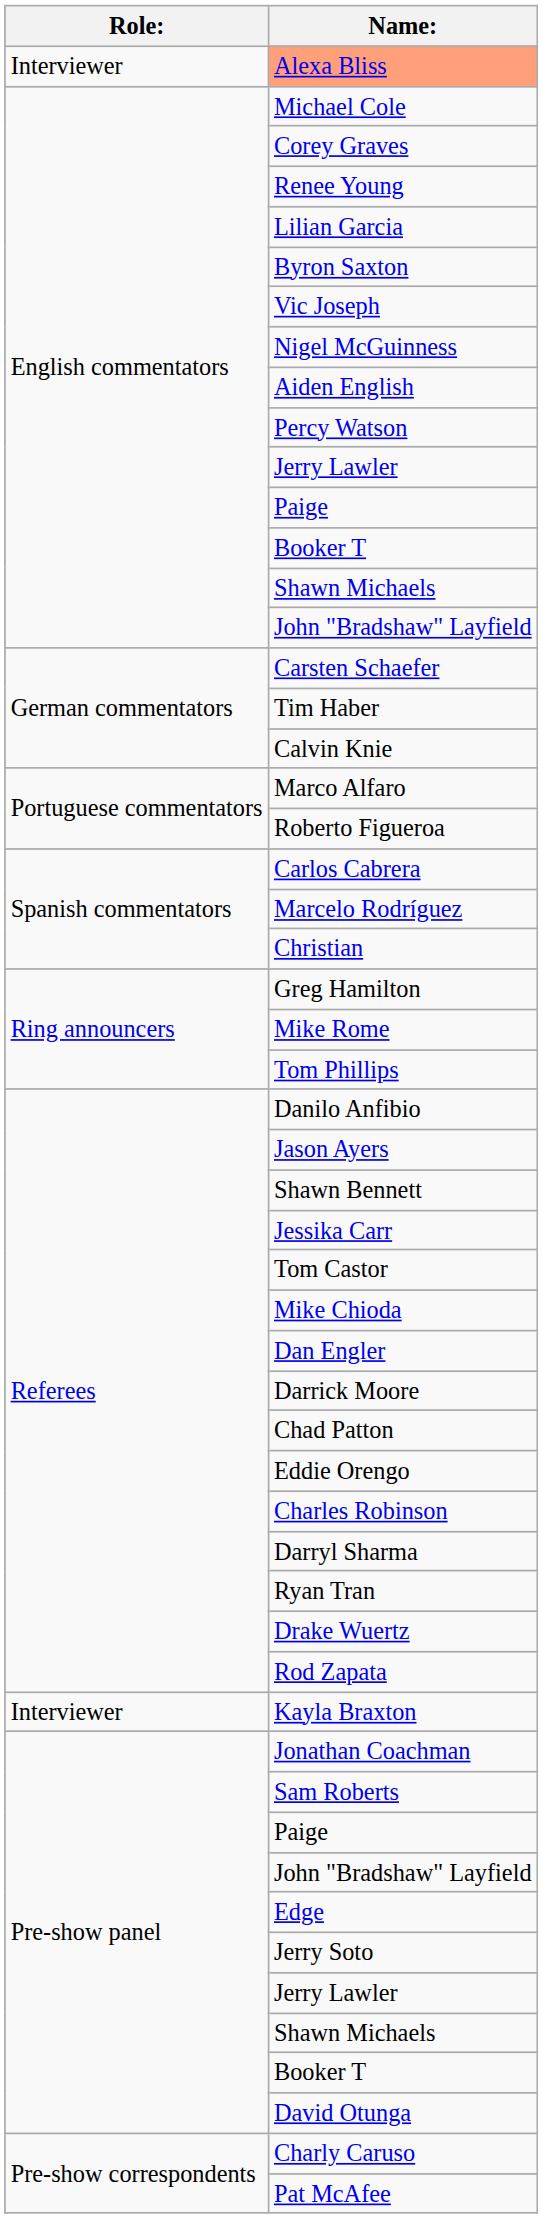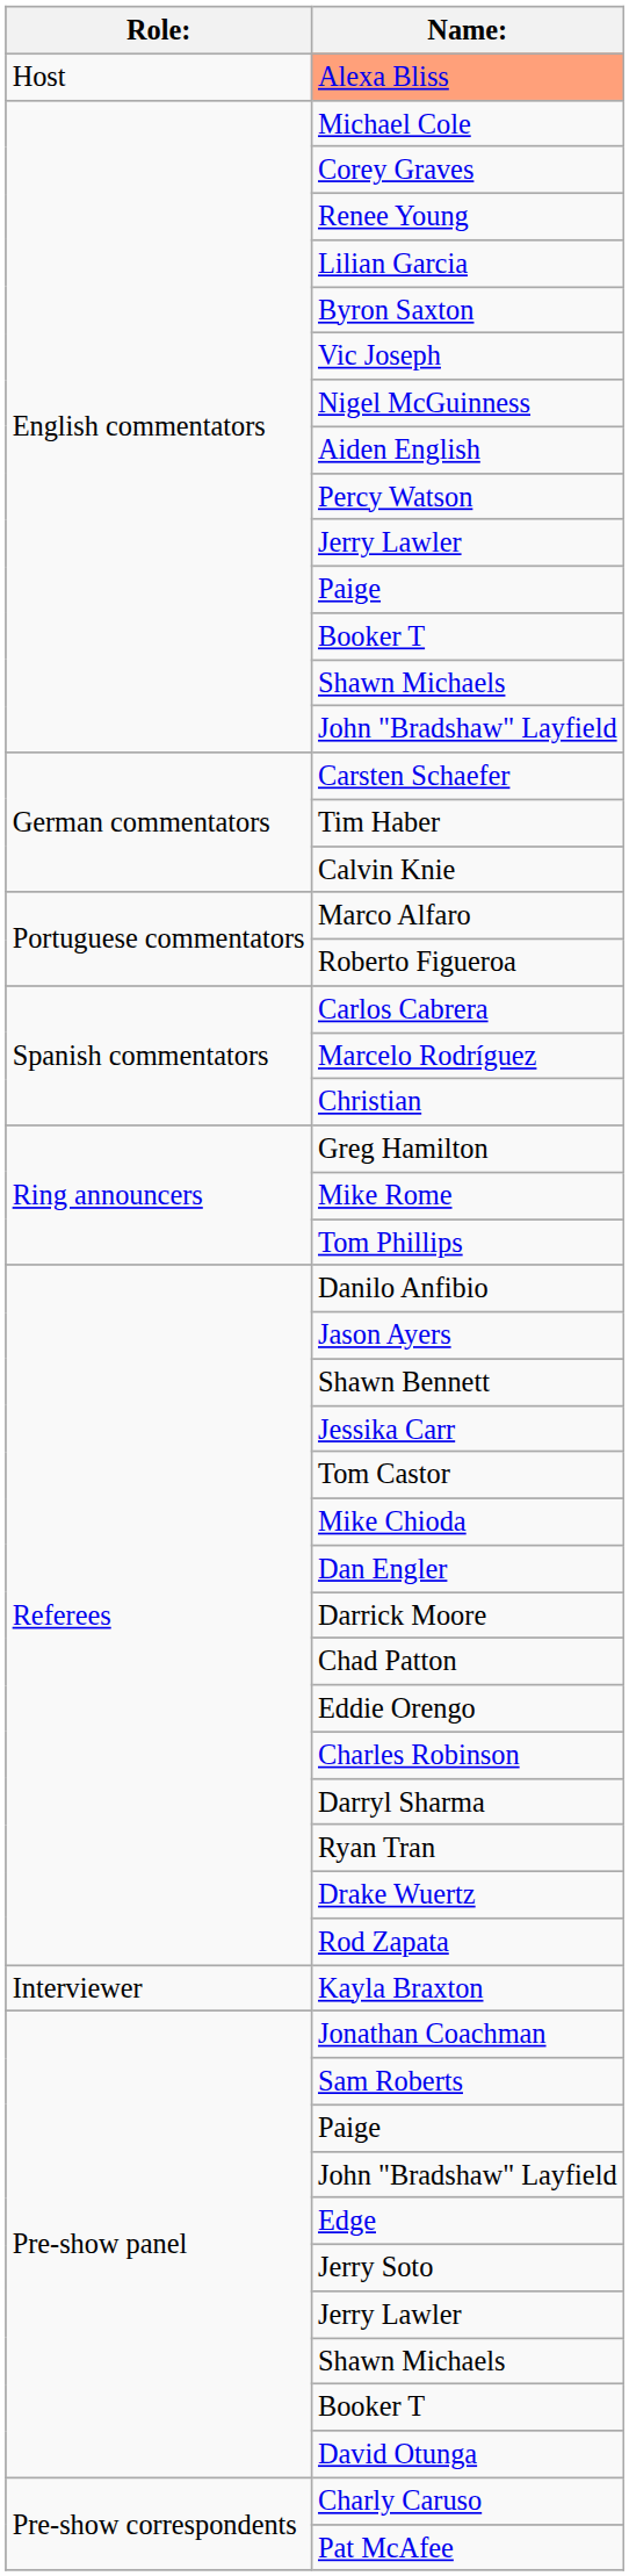 <table class=wikitable style="font-size:90%; margin: 0.5em 0 0.5em 1em; float: right; clear: right;">
 <tr>
 <th>Role:</th>
 <th>Name:</th>
 </tr>
 <tr>
-<td rowspan=1>Interviewer</td>
+<td rowspan=1>Host</td>
 <td style="background: lightsalmon;"><a href='#'>Alexa Bliss</a></td>
 </tr>
 <tr>
 <td rowspan=14>English commentators</td>
 <td><a href='#'>Michael Cole</a> </td>
 </tr>
 <tr>
 <td><a href='#'>Corey Graves</a> </td>
 </tr>
 <tr>
 <td><a href='#'>Renee Young</a> </td>
 </tr>
 <tr>
 <td><a href='#'>Lilian Garcia</a> </td>
 </tr>
 <tr>
 <td><a href='#'>Byron Saxton</a> </td>
 </tr>
 <tr>
 <td><a href='#'>Vic Joseph</a> </td>
 </tr>
 <tr>
 <td><a href='#'>Nigel McGuinness</a> </td>
 </tr>
 <tr>
 <td><a href='#'>Aiden English</a> </td>
 </tr>
 <tr>
 <td><a href='#'>Percy Watson</a> </td>
 </tr>
 <tr>
 <td><a href='#'>Jerry Lawler</a> </td>
 </tr>
 <tr>
 <td><a href='#'>Paige</a> </td>
 </tr>
 <tr>
 <td><a href='#'>Booker T</a> </td>
 </tr>
 <tr>
 <td><a href='#'>Shawn Michaels</a> </td>
 </tr>
 <tr>
 <td><a href='#'>John "Bradshaw" Layfield</a> </td>
 </tr>
 <tr>
 <td rowspan=3>German commentators</td>
 <td><a href='#'>Carsten Schaefer</a></td>
 </tr>
 <tr>
 <td>Tim Haber</td>
 </tr>
 <tr>
 <td>Calvin Knie</td>
 </tr>
 <tr>
 <td rowspan="2">Portuguese commentators</td>
 <td>Marco Alfaro</td>
 </tr>
 <tr>
 <td>Roberto Figueroa</td>
 </tr>
 <tr>
 <td rowspan="3">Spanish commentators</td>
 <td><a href='#'>Carlos Cabrera</a></td>
 </tr>
 <tr>
 <td><a href='#'>Marcelo Rodríguez</a></td>
 </tr>
 <tr>
 <td><a href='#'>Christian</a></td>
 </tr>
 <tr>
 <td rowspan=3><a href='#'>Ring announcers</a></td>
 <td>Greg Hamilton </td>
 </tr>
 <tr>
 <td><a href='#'>Mike Rome</a> </td>
 </tr>
 <tr>
 <td><a href='#'>Tom Phillips</a> </td>
 </tr>
 <tr>
 <td rowspan=15><a href='#'>Referees</a></td>
 <td>Danilo Anfibio</td>
 </tr>
 <tr>
 <td><a href='#'>Jason Ayers</a></td>
 </tr>
 <tr>
 <td>Shawn Bennett</td>
 </tr>
 <tr>
 <td><a href='#'>Jessika Carr</a></td>
 </tr>
 <tr>
 <td>Tom Castor</td>
 </tr>
 <tr>
 <td><a href='#'>Mike Chioda</a></td>
 </tr>
 <tr>
 <td><a href='#'>Dan Engler</a></td>
 </tr>
 <tr>
 <td>Darrick Moore</td>
 </tr>
 <tr>
 <td>Chad Patton</td>
 </tr>
 <tr>
 <td>Eddie Orengo</td>
 </tr>
 <tr>
 <td><a href='#'>Charles Robinson</a></td>
 </tr>
 <tr>
 <td>Darryl Sharma</td>
 </tr>
 <tr>
 <td>Ryan Tran</td>
 </tr>
 <tr>
 <td><a href='#'>Drake Wuertz</a></td>
 </tr>
 <tr>
 <td><a href='#'>Rod Zapata</a></td>
 </tr>
 <tr>
 <td rowspan=1>Interviewer</td>
 <td><a href='#'>Kayla Braxton</a></td>
 </tr>
 <tr>
 <td rowspan=10>Pre-show panel</td>
 <td><a href='#'>Jonathan Coachman</a></td>
 </tr>
 <tr>
 <td><a href='#'>Sam Roberts</a></td>
 </tr>
 <tr>
 <td>Paige</td>
 </tr>
 <tr>
 <td>John "Bradshaw" Layfield</td>
 </tr>
 <tr>
 <td><a href='#'>Edge</a></td>
 </tr>
 <tr>
 <td>Jerry Soto</td>
 </tr>
 <tr>
 <td>Jerry Lawler</td>
 </tr>
 <tr>
 <td>Shawn Michaels</td>
 </tr>
 <tr>
 <td>Booker T</td>
 </tr>
 <tr>
 <td><a href='#'>David Otunga</a></td>
 </tr>
 <tr>
 <td rowspan=2>Pre-show correspondents</td>
 <td><a href='#'>Charly Caruso</a></td>
 </tr>
 <tr>
 <td><a href='#'>Pat McAfee</a></td>
 </tr>
 </table>
